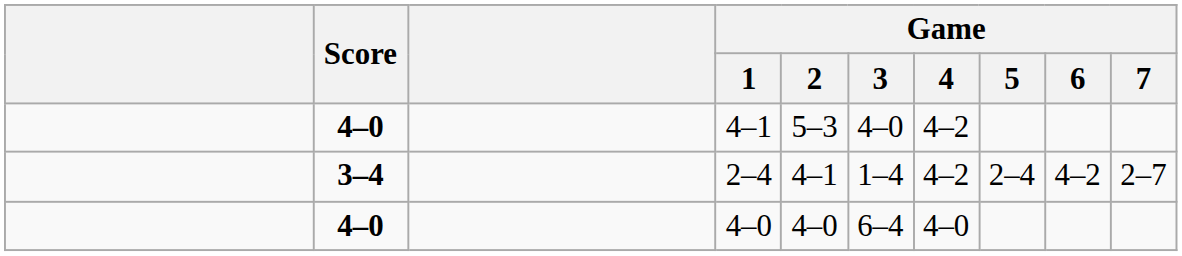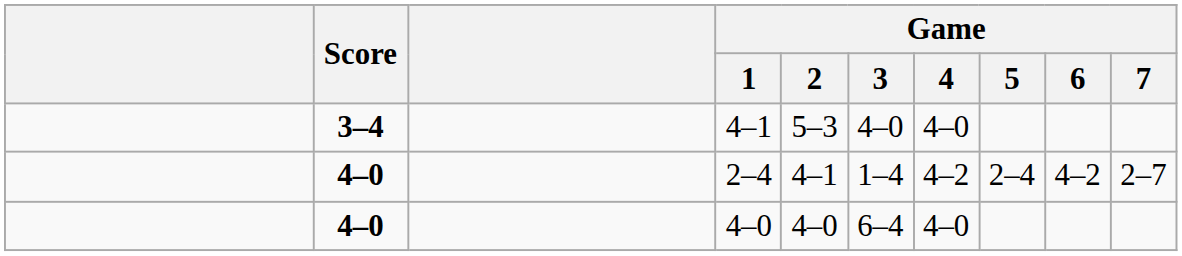 <table class="wikitable" style="text-align: center;">
 <tr>
 <th rowspan=2 align="right" width="270"></th>
 <th rowspan=2 width="45">Score</th>
 <th rowspan=2 align="left" width="270"></th>
 <th colspan=7>Game</th>
 </tr>
 <tr>
 <th width="35">1</th>
 <th width="35">2</th>
 <th width="35">3</th>
 <th width="35">4</th>
 <th width="35">5</th>
 <th width="35">6</th>
 <th width="35">7</th>
 </tr>
 <tr>
 <td align=left><strong></strong></td>
-<td align=center><strong>4–0</strong></td>
+<td align=center><strong>3–4</strong></td>
 <td align=left></td>
 <td>4–1</td>
 <td>5–3</td>
 <td>4–0</td>
-<td>4–2</td>
+<td>4–0</td>
 <td></td>
 <td></td>
 <td></td>
 </tr>
 <tr>
 <td align=left></td>
-<td align=center><strong>3–4</strong></td>
+<td align=center><strong>4–0</strong></td>
 <td align=left><strong></strong></td>
 <td>2–4</td>
 <td>4–1</td>
 <td>1–4</td>
 <td>4–2</td>
 <td>2–4</td>
 <td>4–2</td>
 <td>2–7</td>
 </tr>
 <tr>
 <td align=left><strong></strong></td>
 <td align=center><strong>4–0</strong></td>
 <td align=left></td>
 <td>4–0</td>
 <td>4–0</td>
 <td>6–4</td>
 <td>4–0</td>
 <td></td>
 <td></td>
 <td></td>
 </tr>
 </table>
